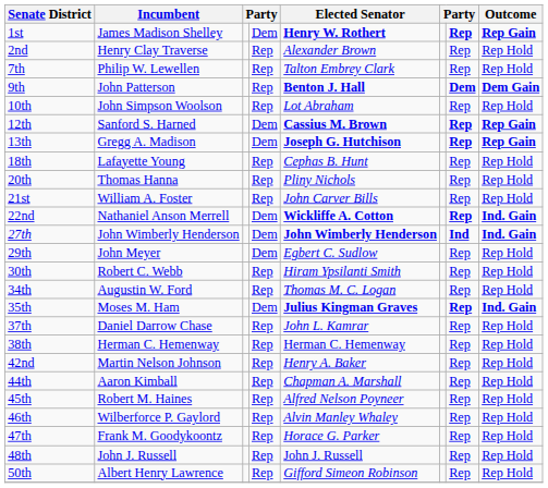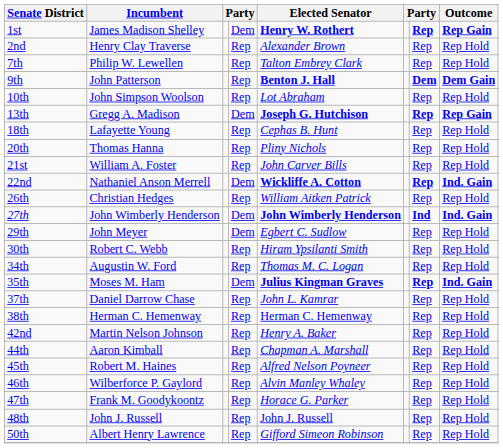 <table class="sortable wikitable" style="font-size:95%;line-height:14px;">
 <tr>
 <th class="sortable"><a href='#'>Senate</a> District</th>
 <th class="sortable"><a href='#'>Incumbent</a></th>
 <th colspan="2">Party</th>
 <th class="sortable">Elected Senator</th>
 <th colspan="2">Party</th>
 <th class="sortable">Outcome</th>
 </tr>
 <tr>
 <td><a href='#'>1st</a></td>
 <td><a href='#'>James Madison Shelley</a></td>
 <td style="background:"></td>
 <td><a href='#'>Dem</a></td>
 <td><strong><a href='#'>Henry W. Rothert</a></strong></td>
 <td style="background:"></td>
 <td><strong><a href='#'>Rep</a></strong></td>
 <td><strong><a href='#'>Rep Gain</a></strong></td>
 </tr>
 <tr>
 <td><a href='#'>2nd</a></td>
 <td><a href='#'>Henry Clay Traverse</a></td>
 <td style="background:"></td>
 <td><a href='#'>Rep</a></td>
 <td><em><a href='#'>Alexander Brown</a></em></td>
 <td style="background:"></td>
 <td><a href='#'>Rep</a></td>
 <td><a href='#'>Rep Hold</a></td>
 </tr>
 <tr>
 <td><a href='#'>7th</a></td>
 <td><a href='#'>Philip W. Lewellen</a></td>
 <td style="background:"></td>
 <td><a href='#'>Rep</a></td>
 <td><em><a href='#'>Talton Embrey Clark</a></em></td>
 <td style="background:"></td>
 <td><a href='#'>Rep</a></td>
 <td><a href='#'>Rep Hold</a></td>
 </tr>
 <tr>
 <td><a href='#'>9th</a></td>
 <td><a href='#'>John Patterson</a></td>
 <td style="background:"></td>
 <td><a href='#'>Rep</a></td>
 <td><strong><a href='#'>Benton J. Hall</a></strong></td>
 <td style="background:"></td>
 <td><strong><a href='#'>Dem</a></strong></td>
 <td><strong><a href='#'>Dem Gain</a></strong></td>
 </tr>
 <tr>
 <td><a href='#'>10th</a></td>
 <td><a href='#'>John Simpson Woolson</a></td>
 <td style="background:"></td>
 <td><a href='#'>Rep</a></td>
 <td><em><a href='#'>Lot Abraham</a></em></td>
 <td style="background:"></td>
 <td><a href='#'>Rep</a></td>
 <td><a href='#'>Rep Hold</a></td>
 </tr>
 <tr>
-<td><a href='#'>12th</a></td>
-<td><a href='#'>Sanford S. Harned</a></td>
-<td style="background:"></td>
-<td><a href='#'>Dem</a></td>
-<td><strong><a href='#'>Cassius M. Brown</a></strong></td>
-<td style="background:"></td>
-<td><strong><a href='#'>Rep</a></strong></td>
-<td><strong><a href='#'>Rep Gain</a></strong></td>
-</tr>
-<tr>
 <td><a href='#'>13th</a></td>
 <td><a href='#'>Gregg A. Madison</a></td>
 <td style="background:"></td>
 <td><a href='#'>Dem</a></td>
 <td><strong><a href='#'>Joseph G. Hutchison</a></strong></td>
 <td style="background:"></td>
 <td><strong><a href='#'>Rep</a></strong></td>
 <td><strong><a href='#'>Rep Gain</a></strong></td>
 </tr>
 <tr>
 <td><a href='#'>18th</a></td>
 <td><a href='#'>Lafayette Young</a></td>
 <td style="background:"></td>
 <td><a href='#'>Rep</a></td>
 <td><em><a href='#'>Cephas B. Hunt</a></em></td>
 <td style="background:"></td>
 <td><a href='#'>Rep</a></td>
 <td><a href='#'>Rep Hold</a></td>
 </tr>
 <tr>
 <td><a href='#'>20th</a></td>
 <td><a href='#'>Thomas Hanna</a></td>
 <td style="background:"></td>
 <td><a href='#'>Rep</a></td>
 <td><em><a href='#'>Pliny Nichols</a></em></td>
 <td style="background:"></td>
 <td><a href='#'>Rep</a></td>
 <td><a href='#'>Rep Hold</a></td>
 </tr>
 <tr>
 <td><a href='#'>21st</a></td>
 <td><a href='#'>William A. Foster</a></td>
 <td style="background:"></td>
 <td><a href='#'>Rep</a></td>
 <td><em><a href='#'>John Carver Bills</a></em></td>
 <td style="background:"></td>
 <td><a href='#'>Rep</a></td>
 <td><a href='#'>Rep Hold</a></td>
 </tr>
 <tr>
 <td><a href='#'>22nd</a></td>
 <td><a href='#'>Nathaniel Anson Merrell</a></td>
 <td style="background:"></td>
 <td><a href='#'>Dem</a></td>
 <td><strong><a href='#'>Wickliffe A. Cotton</a></strong></td>
 <td style="background:"></td>
 <td><strong><a href='#'>Rep</a></strong></td>
 <td><strong><a href='#'>Ind. Gain</a></strong></td>
+</tr>
+<tr>
+<td><a href='#'>26th</a></td>
+<td><a href='#'>Christian Hedges</a></td>
+<td style="background:"></td>
+<td><a href='#'>Rep</a></td>
+<td><em><a href='#'>William Aitken Patrick</a></em></td>
+<td style="background:"></td>
+<td><a href='#'>Rep</a></td>
+<td><a href='#'>Rep Hold</a></td>
 </tr>
 <tr>
 <td><em><a href='#'>27th</a></em></td>
 <td><a href='#'>John Wimberly Henderson</a></td>
 <td style="background:"></td>
 <td><a href='#'>Dem</a></td>
 <td><strong><a href='#'>John Wimberly Henderson</a></strong></td>
 <td style="background:"></td>
 <td><strong><a href='#'>Ind</a></strong></td>
 <td><strong><a href='#'>Ind. Gain</a></strong></td>
 </tr>
 <tr>
 <td><a href='#'>29th</a></td>
 <td><a href='#'>John Meyer</a></td>
 <td style="background:"></td>
 <td><a href='#'>Dem</a></td>
 <td><em><a href='#'>Egbert C. Sudlow</a></em></td>
 <td style="background:"></td>
 <td><a href='#'>Rep</a></td>
 <td><a href='#'>Rep Hold</a></td>
 </tr>
 <tr>
 <td><a href='#'>30th</a></td>
 <td><a href='#'>Robert C. Webb</a></td>
 <td style="background:"></td>
 <td><a href='#'>Rep</a></td>
 <td><em><a href='#'>Hiram Ypsilanti Smith</a></em></td>
 <td style="background:"></td>
 <td><a href='#'>Rep</a></td>
 <td><a href='#'>Rep Hold</a></td>
 </tr>
 <tr>
 <td><a href='#'>34th</a></td>
 <td><a href='#'>Augustin W. Ford</a></td>
 <td style="background:"></td>
 <td><a href='#'>Rep</a></td>
 <td><em><a href='#'>Thomas M. C. Logan</a></em></td>
 <td style="background:"></td>
 <td><a href='#'>Rep</a></td>
 <td><a href='#'>Rep Hold</a></td>
 </tr>
 <tr>
 <td><a href='#'>35th</a></td>
 <td><a href='#'>Moses M. Ham</a></td>
 <td style="background:"></td>
 <td><a href='#'>Dem</a></td>
 <td><strong><a href='#'>Julius Kingman Graves</a></strong></td>
 <td style="background:"></td>
 <td><strong><a href='#'>Rep</a></strong></td>
 <td><strong><a href='#'>Ind. Gain</a></strong></td>
 </tr>
 <tr>
 <td><a href='#'>37th</a></td>
 <td><a href='#'>Daniel Darrow Chase</a></td>
 <td style="background:"></td>
 <td><a href='#'>Rep</a></td>
 <td><em><a href='#'>John L. Kamrar</a></em></td>
 <td style="background:"></td>
 <td><a href='#'>Rep</a></td>
 <td><a href='#'>Rep Hold</a></td>
 </tr>
 <tr>
 <td><a href='#'>38th</a></td>
 <td><a href='#'>Herman C. Hemenway</a></td>
 <td style="background:"></td>
 <td><a href='#'>Rep</a></td>
 <td><a href='#'>Herman C. Hemenway</a></td>
 <td style="background:"></td>
 <td><a href='#'>Rep</a></td>
 <td><a href='#'>Rep Hold</a></td>
 </tr>
 <tr>
 <td><a href='#'>42nd</a></td>
 <td><a href='#'>Martin Nelson Johnson</a></td>
 <td style="background:"></td>
 <td><a href='#'>Rep</a></td>
 <td><em><a href='#'>Henry A. Baker</a></em></td>
 <td style="background:"></td>
 <td><a href='#'>Rep</a></td>
 <td><a href='#'>Rep Hold</a></td>
 </tr>
 <tr>
 <td><a href='#'>44th</a></td>
 <td><a href='#'>Aaron Kimball</a></td>
 <td style="background:"></td>
 <td><a href='#'>Rep</a></td>
 <td><em><a href='#'>Chapman A. Marshall</a></em></td>
 <td style="background:"></td>
 <td><a href='#'>Rep</a></td>
 <td><a href='#'>Rep Hold</a></td>
 </tr>
 <tr>
 <td><a href='#'>45th</a></td>
 <td><a href='#'>Robert M. Haines</a></td>
 <td style="background:"></td>
 <td><a href='#'>Rep</a></td>
 <td><em><a href='#'>Alfred Nelson Poyneer</a></em></td>
 <td style="background:"></td>
 <td><a href='#'>Rep</a></td>
 <td><a href='#'>Rep Hold</a></td>
 </tr>
 <tr>
 <td><a href='#'>46th</a></td>
 <td><a href='#'>Wilberforce P. Gaylord</a></td>
 <td style="background:"></td>
 <td><a href='#'>Rep</a></td>
 <td><em><a href='#'>Alvin Manley Whaley</a></em></td>
 <td style="background:"></td>
 <td><a href='#'>Rep</a></td>
 <td><a href='#'>Rep Hold</a></td>
 </tr>
 <tr>
 <td><a href='#'>47th</a></td>
 <td><a href='#'>Frank M. Goodykoontz</a></td>
 <td style="background:"></td>
 <td><a href='#'>Rep</a></td>
 <td><em><a href='#'>Horace G. Parker</a></em></td>
 <td style="background:"></td>
 <td><a href='#'>Rep</a></td>
 <td><a href='#'>Rep Hold</a></td>
 </tr>
 <tr>
 <td><a href='#'>48th</a></td>
 <td><a href='#'>John J. Russell</a></td>
 <td style="background:"></td>
 <td><a href='#'>Rep</a></td>
 <td><a href='#'>John J. Russell</a></td>
 <td style="background:"></td>
 <td><a href='#'>Rep</a></td>
 <td><a href='#'>Rep Hold</a></td>
 </tr>
 <tr>
 <td><a href='#'>50th</a></td>
 <td><a href='#'>Albert Henry Lawrence</a></td>
 <td style="background:"></td>
 <td><a href='#'>Rep</a></td>
 <td><em><a href='#'>Gifford Simeon Robinson</a></em></td>
 <td style="background:"></td>
 <td><a href='#'>Rep</a></td>
 <td><a href='#'>Rep Hold</a></td>
 </tr>
 <tr>
 </tr>
 </table>
